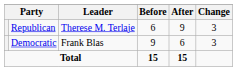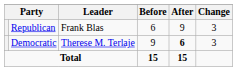 <table class="wikitable" style="text-align:center;">
 <tr>
 </tr>
 <tr>
 <th colspan="2">Party</th>
 <th>Leader</th>
 <th>Before</th>
 <th>After</th>
 <th>Change</th>
 </tr>
 <tr>
 <th style="background-color:"></th>
 <td style="text-align:left;"><a href='#'>Republican</a></td>
-<td style="text-align:left;"><a href='#'>Therese M. Terlaje</a></td>
+<td style="text-align:left;">Frank Blas</td>
 <td>6</td>
 <td>9</td>
 <td> 3</td>
 </tr>
 <tr>
 <th style="background-color:"></th>
 <td style="text-align:left;"><a href='#'>Democratic</a></td>
-<td style="text-align:left;">Frank Blas</td>
+<td style="text-align:left;"><a href='#'>Therese M. Terlaje</a></td>
 <td>9</td>
-<td>6</td>
+<td><strong>6</strong></td>
 <td> 3</td>
 </tr>
 <tr>
 <td colspan="3"><strong>Total</strong></td>
 <td><strong>15</strong></td>
 <td><strong>15</strong></td>
 <td></td>
 </tr>
 </table>
